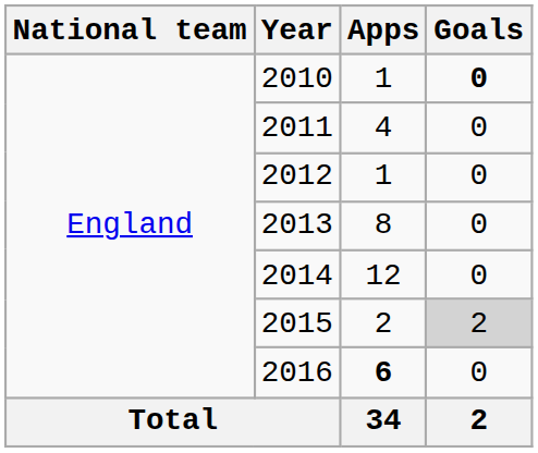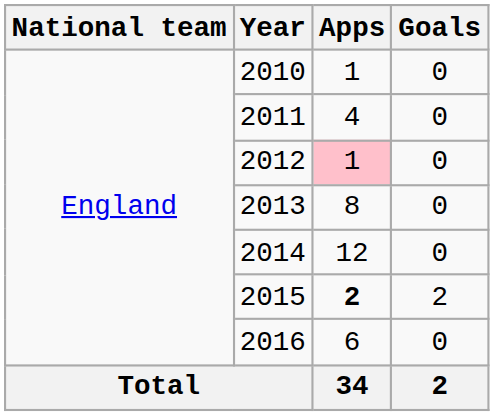 <table class="wikitable" style="text-align: center;">
 <tr>
 <th>National team</th>
 <th>Year</th>
 <th>Apps</th>
 <th>Goals</th>
 </tr>
 <tr>
 <td rowspan="7"><a href='#'>England</a></td>
 <td>2010</td>
 <td>1</td>
-<td><strong>0</strong></td>
+<td>0</td>
 </tr>
 <tr>
 <td>2011</td>
 <td>4</td>
 <td>0</td>
 </tr>
 <tr>
 <td>2012</td>
-<td>1</td>
+<td style="background: pink;">1</td>
 <td>0</td>
 </tr>
 <tr>
 <td>2013</td>
 <td>8</td>
 <td>0</td>
 </tr>
 <tr>
 <td>2014</td>
 <td>12</td>
 <td>0</td>
 </tr>
 <tr>
 <td>2015</td>
+<td><strong>2</strong></td>
 <td>2</td>
-<td style="background: lightgrey;">2</td>
 </tr>
 <tr>
 <td>2016</td>
-<td><strong>6</strong></td>
+<td>6</td>
 <td>0</td>
 </tr>
 <tr>
 <th colspan="2">Total</th>
 <th>34</th>
 <th>2</th>
 </tr>
 </table>
